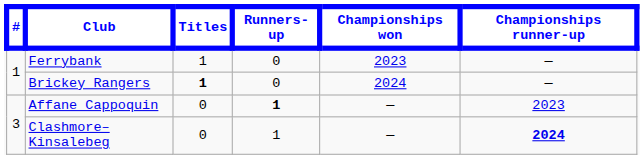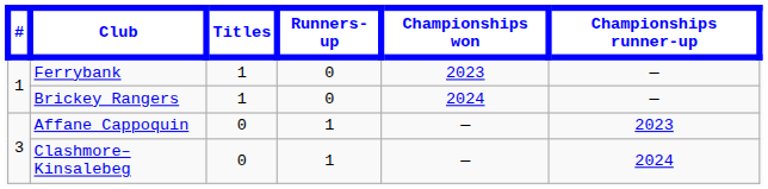 <table class="wikitable sortable" style="text-align:center;">
 <tr>
 <th style="background:white;color:blue; border:5px solid blue">#</th>
 <th style="background:white;color:blue; border:5px solid blue">Club</th>
 <th style="background:white;color:blue; border:5px solid blue">Titles</th>
 <th style="background:white;color:blue; border:5px solid blue">Runners-up</th>
 <th style="background:white;color:blue; border:5px solid blue">Championships won</th>
 <th style="background:white;color:blue; border:5px solid blue">Championships runner-up</th>
 </tr>
 <tr>
 <td rowspan="2">1</td>
 <td style="text-align:left;"><a href='#'>Ferrybank</a></td>
 <td>1</td>
 <td>0</td>
 <td><a href='#'>2023</a></td>
 <td>—</td>
 </tr>
 <tr>
 <td style="text-align:left;"><a href='#'>Brickey Rangers</a></td>
-<td><strong>1</strong></td>
+<td>1</td>
 <td>0</td>
 <td><a href='#'>2024</a></td>
 <td>—</td>
 </tr>
 <tr>
 <td rowspan="2">3</td>
 <td style="text-align:left;"><a href='#'>Affane Cappoquin</a></td>
 <td>0</td>
-<td><strong>1</strong></td>
+<td>1</td>
 <td>—</td>
 <td><a href='#'>2023</a></td>
 </tr>
 <tr>
 <td style="text-align:left;"><a href='#'>Clashmore–Kinsalebeg</a></td>
 <td>0</td>
 <td>1</td>
 <td>—</td>
-<td><strong><a href='#'>2024</a></strong></td>
+<td><a href='#'>2024</a></td>
 </tr>
 </table>
